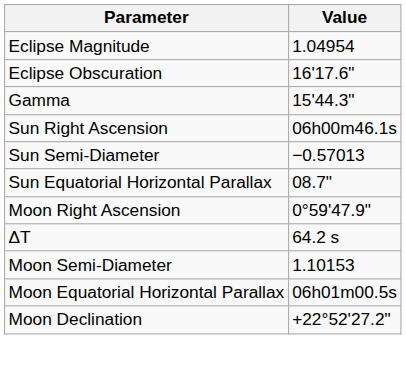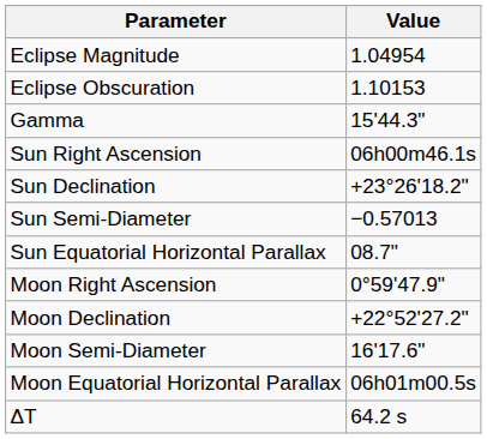 <table class="wikitable">
 <tr>
 <th>Parameter</th>
 <th>Value</th>
 </tr>
 <tr>
 <td>Eclipse Magnitude</td>
 <td>1.04954</td>
 </tr>
 <tr>
 <td>Eclipse Obscuration</td>
-<td>16'17.6"</td>
+<td>1.10153</td>
 </tr>
 <tr>
 <td>Gamma</td>
 <td>15'44.3"</td>
 </tr>
 <tr>
 <td>Sun Right Ascension</td>
 <td>06h00m46.1s</td>
+</tr>
+<tr>
+<td>Sun Declination</td>
+<td>+23°26'18.2"</td>
 </tr>
 <tr>
 <td>Sun Semi-Diameter</td>
 <td>−0.57013</td>
 </tr>
 <tr>
 <td>Sun Equatorial Horizontal Parallax</td>
 <td>08.7"</td>
 </tr>
 <tr>
 <td>Moon Right Ascension</td>
 <td>0°59'47.9"</td>
 </tr>
 <tr>
-<td>ΔT</td>
-<td>64.2 s</td>
+<td>Moon Declination</td>
+<td>+22°52'27.2"</td>
 </tr>
 <tr>
 <td>Moon Semi-Diameter</td>
-<td>1.10153</td>
+<td>16'17.6"</td>
 </tr>
 <tr>
 <td>Moon Equatorial Horizontal Parallax</td>
 <td>06h01m00.5s</td>
 </tr>
 <tr>
-<td>Moon Declination</td>
-<td>+22°52'27.2"</td>
+<td>ΔT</td>
+<td>64.2 s</td>
 </tr>
 </table>
